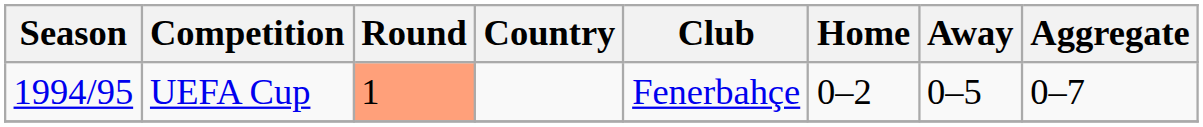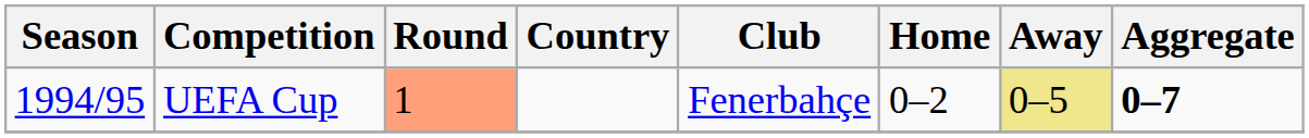 <table class="wikitable">
 <tr>
 <th>Season</th>
 <th>Competition</th>
 <th>Round</th>
 <th>Country</th>
 <th>Club</th>
 <th>Home</th>
 <th>Away</th>
 <th>Aggregate</th>
 </tr>
 <tr>
 <td><a href='#'>1994/95</a></td>
 <td><a href='#'>UEFA Cup</a></td>
 <td style="background: lightsalmon;">1</td>
 <td></td>
 <td><a href='#'>Fenerbahçe</a></td>
 <td>0–2</td>
-<td>0–5</td>
-<td>0–7</td>
+<td style="background: khaki;">0–5</td>
+<td><strong>0–7</strong></td>
 </tr>
 <tr>
 </tr>
 </table>
